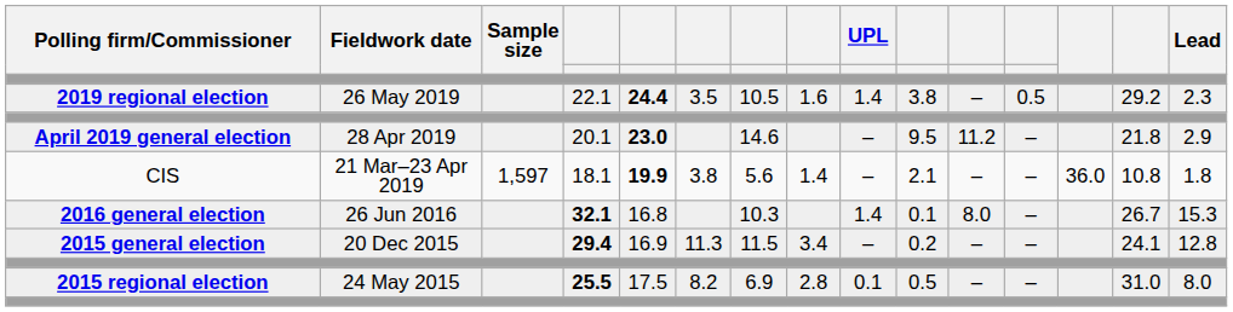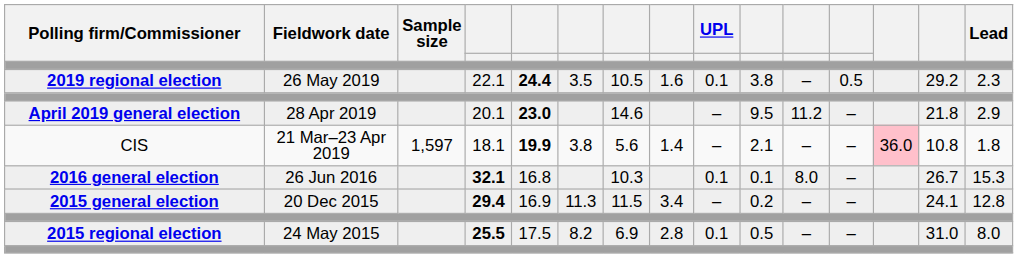 <table class="wikitable collapsible collapsed" style="text-align:center; font-size:90%; line-height:14px;">
 <tr style="height:42px;">
 <th style="width:250px;" rowspan="2">Polling firm/Commissioner</th>
 <th style="width:125px;" rowspan="2">Fieldwork date</th>
 <th style="width:50px;" rowspan="2">Sample size</th>
 <th style="width:35px;"></th>
 <th style="width:35px;"></th>
 <th style="width:35px;"></th>
 <th style="width:35px;"></th>
 <th style="width:35px;"></th>
 <th style="width:35px;"><a href='#'>UPL</a></th>
 <th style="width:35px;"></th>
 <th style="width:35px;"></th>
 <th style="width:35px;"></th>
 <th style="width:35px;" rowspan="2"></th>
 <th style="width:35px;" rowspan="2"></th>
 <th style="width:30px;" rowspan="2">Lead</th>
 </tr>
 <tr>
 <th style="color:inherit;background:"></th>
 <th style="color:inherit;background:"></th>
 <th style="color:inherit;background:"></th>
 <th style="color:inherit;background:"></th>
 <th style="color:inherit;background:"></th>
 <th style="color:inherit;background:"></th>
 <th style="color:inherit;background:"></th>
 <th style="color:inherit;background:"></th>
 <th style="color:inherit;background:"></th>
 </tr>
 <tr>
 <td colspan="15" style="background:#A0A0A0"></td>
 </tr>
 <tr style="background:#EFEFEF;">
 <td><strong><a href='#'>2019 regional election</a></strong></td>
 <td>26 May 2019</td>
 <td></td>
 <td>22.1</td>
 <td><strong>24.4</strong></td>
 <td>3.5</td>
 <td>10.5</td>
 <td>1.6</td>
-<td>1.4</td>
+<td>0.1</td>
 <td>3.8</td>
 <td>–</td>
 <td>0.5</td>
 <td></td>
 <td>29.2</td>
 <td style="background:">2.3</td>
 </tr>
 <tr>
 <td colspan="15" style="background:#A0A0A0"></td>
 </tr>
 <tr style="background:#EFEFEF;">
 <td><strong><a href='#'>April 2019 general election</a></strong></td>
 <td>28 Apr 2019</td>
 <td></td>
 <td>20.1</td>
 <td><strong>23.0</strong></td>
 <td></td>
 <td>14.6</td>
 <td></td>
 <td>–</td>
 <td>9.5</td>
 <td>11.2</td>
 <td>–</td>
 <td></td>
 <td>21.8</td>
 <td style="background:">2.9</td>
 </tr>
 <tr>
 <td>CIS</td>
 <td>21 Mar–23 Apr 2019</td>
 <td>1,597</td>
 <td>18.1</td>
 <td><strong>19.9</strong></td>
 <td>3.8</td>
 <td>5.6</td>
 <td>1.4</td>
 <td>–</td>
 <td>2.1</td>
 <td>–</td>
 <td>–</td>
-<td>36.0</td>
+<td style="background: pink;">36.0</td>
 <td>10.8</td>
 <td style="background:">1.8</td>
 </tr>
 <tr style="background:#EFEFEF;">
 <td><strong><a href='#'>2016 general election</a></strong></td>
 <td>26 Jun 2016</td>
 <td></td>
 <td><strong>32.1</strong></td>
 <td>16.8</td>
 <td></td>
 <td>10.3</td>
 <td></td>
-<td>1.4</td>
+<td>0.1</td>
 <td>0.1</td>
 <td>8.0</td>
 <td>–</td>
 <td></td>
 <td>26.7</td>
 <td style="background:">15.3</td>
 </tr>
 <tr style="background:#EFEFEF;">
 <td><strong><a href='#'>2015 general election</a></strong></td>
 <td>20 Dec 2015</td>
 <td></td>
 <td><strong>29.4</strong></td>
 <td>16.9</td>
 <td>11.3</td>
 <td>11.5</td>
 <td>3.4</td>
 <td>–</td>
 <td>0.2</td>
 <td>–</td>
 <td>–</td>
 <td></td>
 <td>24.1</td>
 <td style="background:">12.8</td>
 </tr>
 <tr>
 <td colspan="15" style="background:#A0A0A0"></td>
 </tr>
 <tr style="background:#EFEFEF;">
 <td><strong><a href='#'>2015 regional election</a></strong></td>
 <td>24 May 2015</td>
 <td></td>
 <td><strong>25.5</strong></td>
 <td>17.5</td>
 <td>8.2</td>
 <td>6.9</td>
 <td>2.8</td>
 <td>0.1</td>
 <td>0.5</td>
 <td>–</td>
 <td>–</td>
 <td></td>
 <td>31.0</td>
 <td style="background:">8.0</td>
 </tr>
 <tr>
 <td colspan="15" style="background:#A0A0A0"></td>
 </tr>
 </table>
